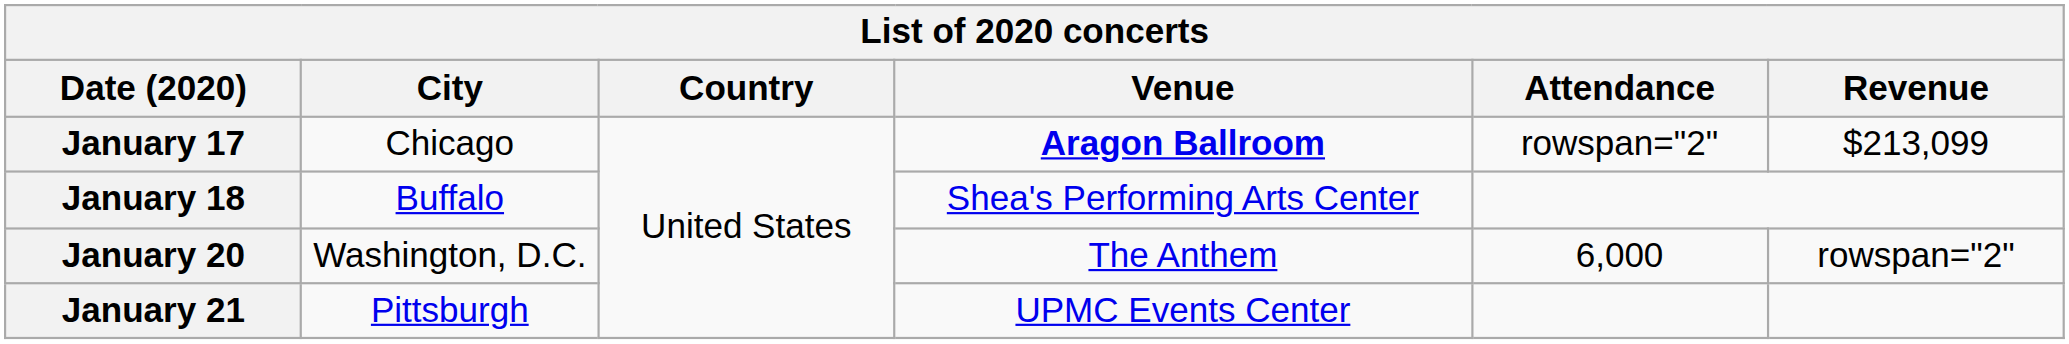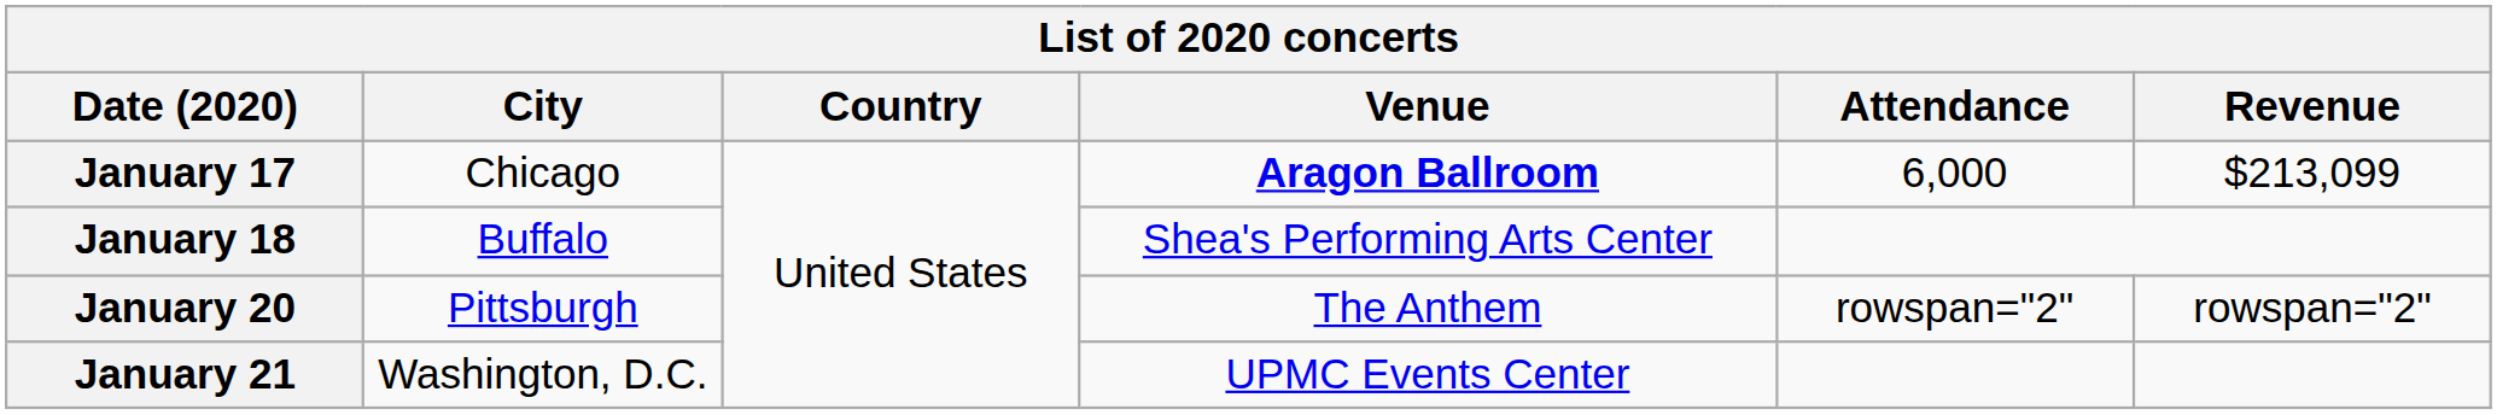 <table class="wikitable" style="text-align:center;">
 <tr>
 <th colspan="7" width="840">List of 2020 concerts</th>
 </tr>
 <tr>
 <th scope="col" style="width:8em;">Date (2020)</th>
 <th scope="col" style="width:8em;">City</th>
 <th scope="col" style="width:8em;">Country</th>
 <th scope="col" style="width:16em;">Venue</th>
 <th scope="col" style="width:8em;">Attendance</th>
 <th scope="col" style="width:8em;">Revenue</th>
 </tr>
 <tr>
 <th scope="row" style="text-align:center;">January 17</th>
 <td>Chicago</td>
 <td rowspan="4">United States</td>
 <td><strong><a href='#'>Aragon Ballroom</a></strong></td>
-<td>rowspan="2" </td>
+<td>6,000</td>
 <td>$213,099</td>
 </tr>
 <tr>
 <th scope="row" style="text-align:center;">January 18</th>
 <td><a href='#'>Buffalo</a></td>
 <td><a href='#'>Shea's Performing Arts Center</a></td>
 </tr>
 <tr>
 <th scope="row" style="text-align:center;">January 20</th>
-<td>Washington, D.C.</td>
+<td><a href='#'>Pittsburgh</a></td>
 <td><a href='#'>The Anthem</a></td>
-<td>6,000</td>
+<td>rowspan="2" </td>
 <td>rowspan="2" </td>
 </tr>
 <tr>
 <th scope="row" style="text-align:center;">January 21</th>
-<td><a href='#'>Pittsburgh</a></td>
+<td>Washington, D.C.</td>
 <td><a href='#'>UPMC Events Center</a></td>
 <td></td>
 <td></td>
 </tr>
 </table>
